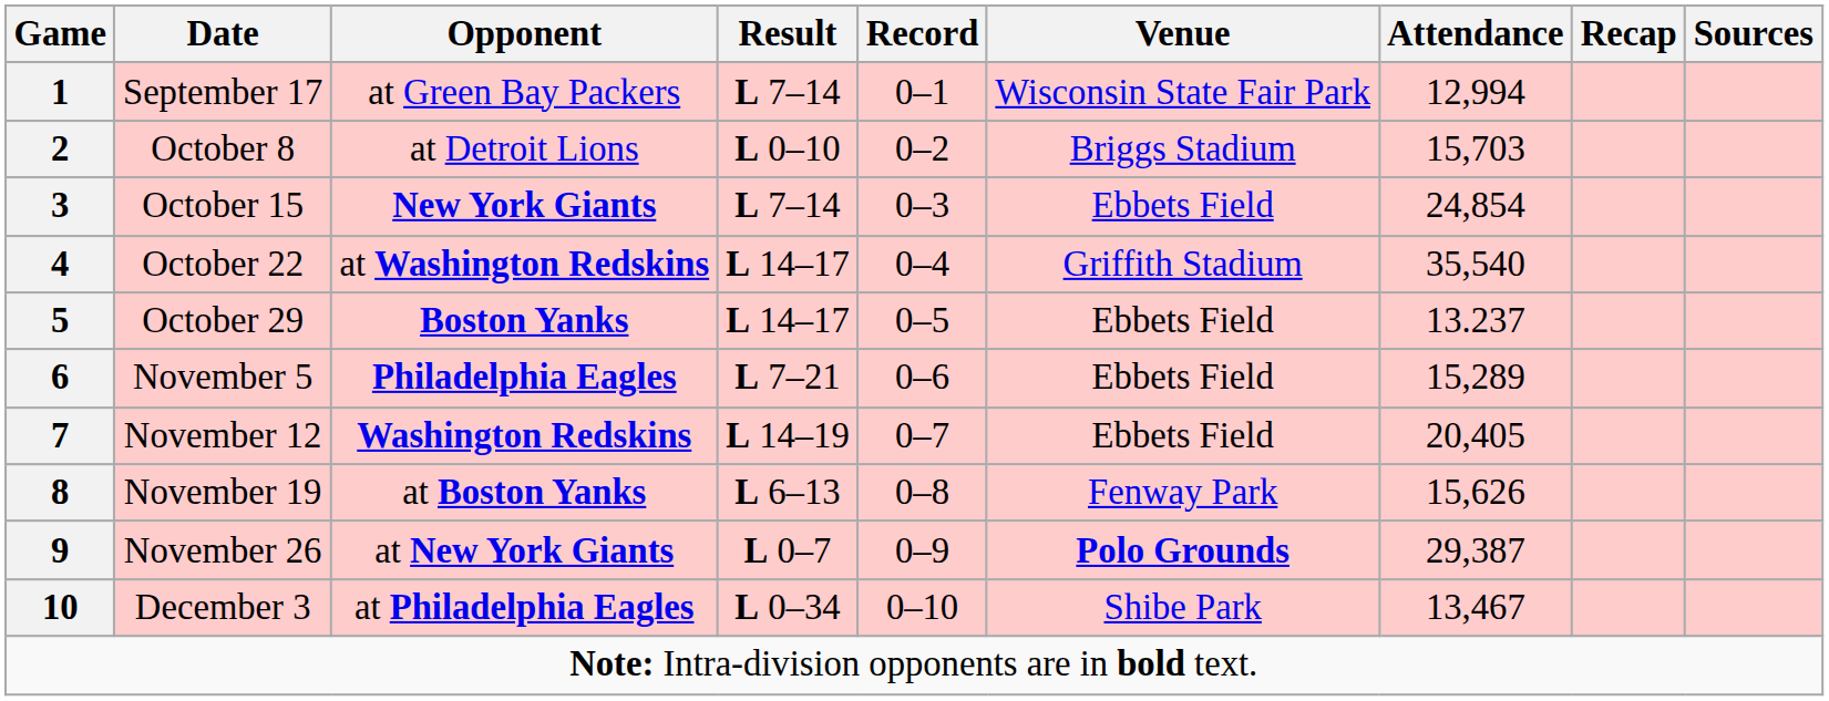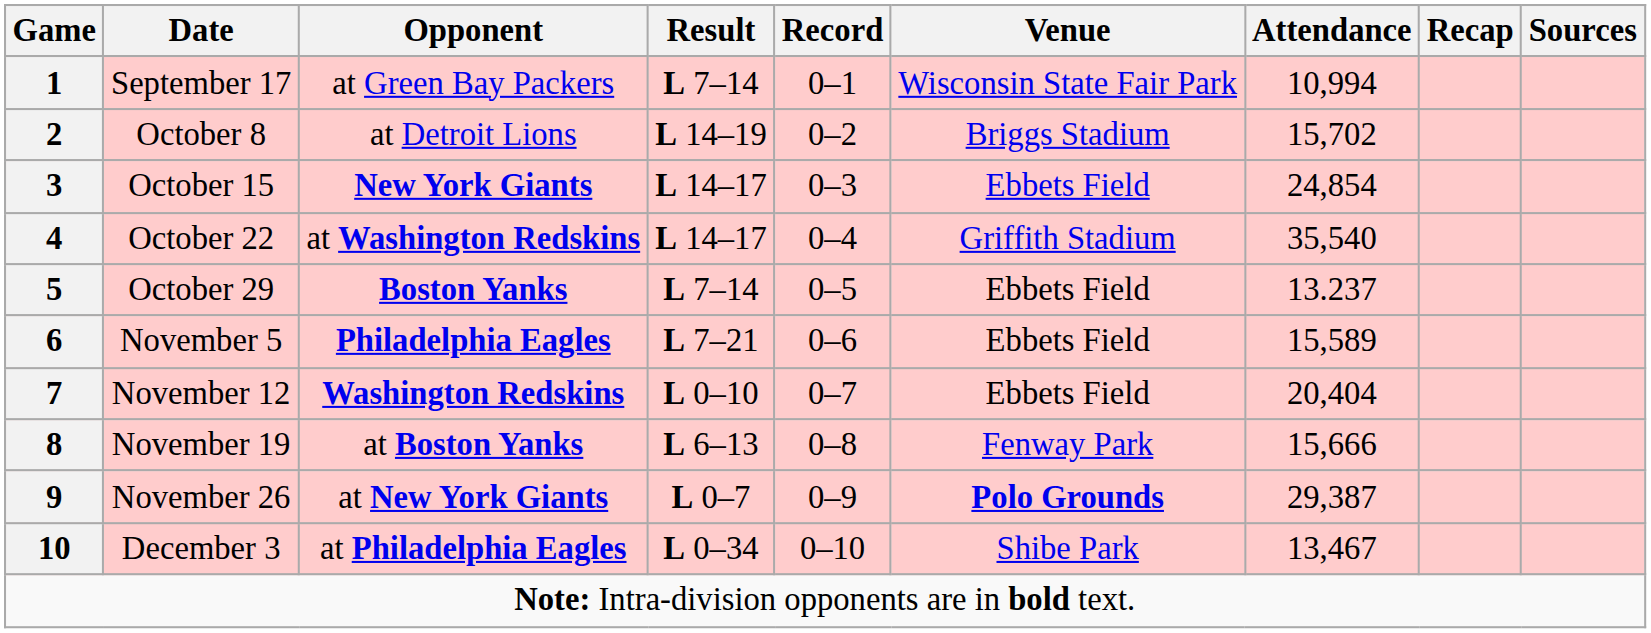 <table class="wikitable" style="text-align:center">
 <tr>
 <th>Game</th>
 <th>Date</th>
 <th>Opponent</th>
 <th>Result</th>
 <th>Record</th>
 <th>Venue</th>
 <th>Attendance</th>
 <th>Recap</th>
 <th>Sources</th>
 </tr>
 <tr style="background:#fcc">
 <th>1</th>
 <td>September 17</td>
 <td>at <a href='#'>Green Bay Packers</a></td>
 <td><strong>L</strong> 7–14</td>
 <td>0–1</td>
 <td><a href='#'>Wisconsin State Fair Park</a></td>
-<td>12,994</td>
+<td>10,994</td>
 <td></td>
 <td></td>
 </tr>
 <tr style="background:#fcc">
 <th>2</th>
 <td>October 8</td>
 <td>at <a href='#'>Detroit Lions</a></td>
-<td><strong>L</strong> 0–10</td>
+<td><strong>L</strong> 14–19</td>
 <td>0–2</td>
 <td><a href='#'>Briggs Stadium</a></td>
-<td>15,703</td>
+<td>15,702</td>
 <td></td>
 <td></td>
 </tr>
 <tr style="background:#fcc">
 <th>3</th>
 <td>October 15</td>
 <td><strong><a href='#'>New York Giants</a></strong></td>
-<td><strong>L</strong> 7–14</td>
+<td><strong>L</strong> 14–17</td>
 <td>0–3</td>
 <td><a href='#'>Ebbets Field</a></td>
 <td>24,854</td>
 <td></td>
 <td></td>
 </tr>
 <tr style="background:#fcc">
 <th>4</th>
 <td>October 22</td>
 <td>at <strong><a href='#'>Washington Redskins</a></strong></td>
 <td><strong>L</strong> 14–17</td>
 <td>0–4</td>
 <td><a href='#'>Griffith Stadium</a></td>
 <td>35,540</td>
 <td></td>
 <td></td>
 </tr>
 <tr style="background:#fcc">
 <th>5</th>
 <td>October 29</td>
 <td><strong><a href='#'>Boston Yanks</a></strong></td>
-<td><strong>L</strong> 14–17</td>
+<td><strong>L</strong> 7–14</td>
 <td>0–5</td>
 <td>Ebbets Field</td>
 <td>13.237</td>
 <td></td>
 <td></td>
 </tr>
 <tr style="background:#fcc">
 <th>6</th>
 <td>November 5</td>
 <td><strong><a href='#'>Philadelphia Eagles</a></strong></td>
 <td><strong>L</strong> 7–21</td>
 <td>0–6</td>
 <td>Ebbets Field</td>
-<td>15,289</td>
+<td>15,589</td>
 <td></td>
 <td></td>
 </tr>
 <tr style="background:#fcc">
 <th>7</th>
 <td>November 12</td>
 <td><strong><a href='#'>Washington Redskins</a></strong></td>
-<td><strong>L</strong> 14–19</td>
+<td><strong>L</strong> 0–10</td>
 <td>0–7</td>
 <td>Ebbets Field</td>
-<td>20,405</td>
+<td>20,404</td>
 <td></td>
 <td></td>
 </tr>
 <tr style="background:#fcc">
 <th>8</th>
 <td>November 19</td>
 <td>at <strong><a href='#'>Boston Yanks</a></strong></td>
 <td><strong>L</strong> 6–13</td>
 <td>0–8</td>
 <td><a href='#'>Fenway Park</a></td>
-<td>15,626</td>
+<td>15,666</td>
 <td></td>
 <td></td>
 </tr>
 <tr style="background:#fcc">
 <th>9</th>
 <td>November 26</td>
 <td>at <strong><a href='#'>New York Giants</a></strong></td>
 <td><strong>L</strong> 0–7</td>
 <td>0–9</td>
 <td><strong><a href='#'>Polo Grounds</a></strong></td>
 <td>29,387</td>
 <td></td>
 <td></td>
 </tr>
 <tr style="background:#fcc">
 <th>10</th>
 <td>December 3</td>
 <td>at <strong><a href='#'>Philadelphia Eagles</a></strong></td>
 <td><strong>L</strong> 0–34</td>
 <td>0–10</td>
 <td><a href='#'>Shibe Park</a></td>
 <td>13,467</td>
 <td></td>
 <td></td>
 </tr>
 <tr>
 <td colspan="10"><strong>Note:</strong> Intra-division opponents are in <strong>bold</strong> text.</td>
 </tr>
 </table>
